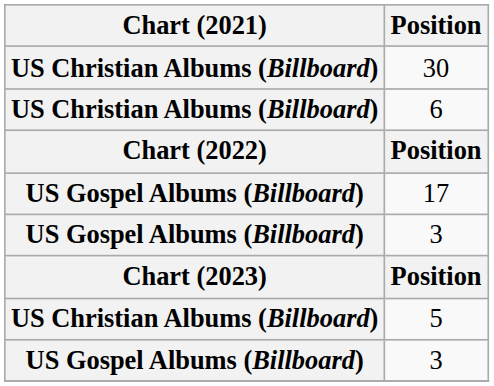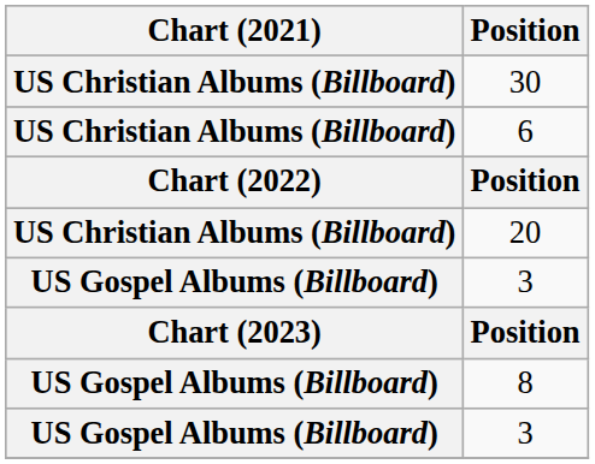 <table class="wikitable plainrowheaders" style="text-align:center">
 <tr>
 <th scope="col">Chart (2021)</th>
 <th scope="col">Position</th>
 </tr>
 <tr>
 <th scope="row">US Christian Albums (<em>Billboard</em>)</th>
 <td>30</td>
 </tr>
 <tr>
 <th scope="row">US Christian Albums (<em>Billboard</em>)</th>
 <td>6</td>
 </tr>
 <tr>
 <th scope="col">Chart (2022)</th>
 <th scope="col">Position</th>
 </tr>
 <tr>
-<th scope="row">US Gospel Albums (<em>Billboard</em>)</th>
-<td>17</td>
+<th scope="row">US Christian Albums (<em>Billboard</em>)</th>
+<td>20</td>
 </tr>
 <tr>
 <th scope="row">US Gospel Albums (<em>Billboard</em>)</th>
 <td>3</td>
 </tr>
 <tr>
 <th scope="col">Chart (2023)</th>
 <th scope="col">Position</th>
 </tr>
 <tr>
-<th scope="row">US Christian Albums (<em>Billboard</em>)</th>
-<td>5</td>
+<th scope="row">US Gospel Albums (<em>Billboard</em>)</th>
+<td>8</td>
 </tr>
 <tr>
 <th scope="row">US Gospel Albums (<em>Billboard</em>)</th>
 <td>3</td>
 </tr>
 <tr>
 </tr>
 </table>
